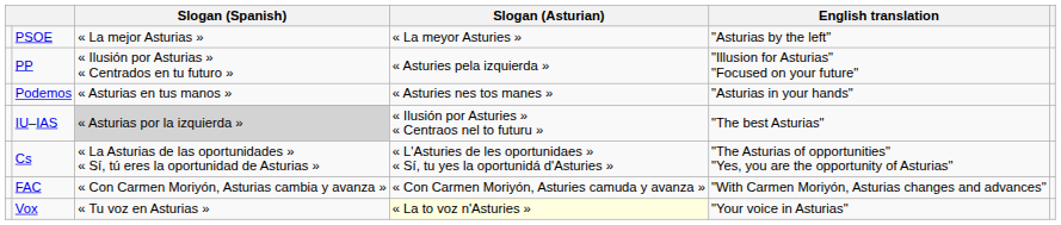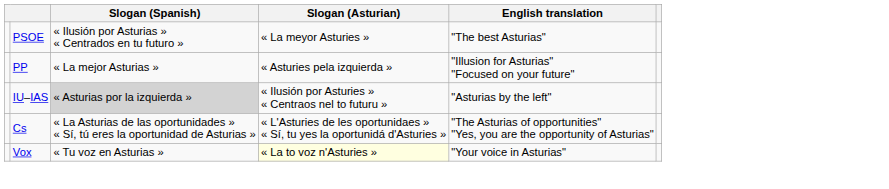 <table class="wikitable" style="text-align:left;">
 <tr>
 <th style="text-align:left;" colspan="2"></th>
 <th>Slogan (Spanish)</th>
 <th>Slogan (Asturian)</th>
 <th>English translation</th>
 <th></th>
 </tr>
 <tr>
 <td width="1" style="color:inherit;background:"></td>
 <td><a href='#'>PSOE</a></td>
-<td>« La mejor Asturias »</td>
+<td>« Ilusión por Asturias » <br> « Centrados en tu futuro »</td>
 <td>« La meyor Asturies »</td>
-<td>"Asturias by the left"</td>
+<td>"The best Asturias"</td>
 <td></td>
 </tr>
 <tr>
 <td style="color:inherit;background:"></td>
 <td><a href='#'>PP</a></td>
-<td>« Ilusión por Asturias » <br> « Centrados en tu futuro »</td>
+<td>« La mejor Asturias »</td>
 <td>« Asturies pela izquierda »</td>
 <td>"Illusion for Asturias" <br> "Focused on your future"</td>
-<td></td>
-</tr>
-<tr>
-<td style="color:inherit;background:"></td>
-<td><a href='#'>Podemos</a></td>
-<td>« Asturias en tus manos »</td>
-<td>« Asturies nes tos manes »</td>
-<td>"Asturias in your hands"</td>
 <td></td>
 </tr>
 <tr>
 <td style="color:inherit;background:"></td>
 <td><a href='#'>IU</a>–<a href='#'>IAS</a></td>
 <td style="background: lightgrey;">« Asturias por la izquierda »</td>
 <td>« Ilusión por Asturies » <br> « Centraos nel to futuru »</td>
-<td>"The best Asturias"</td>
+<td>"Asturias by the left"</td>
 <td></td>
 </tr>
 <tr>
 <td style="color:inherit;background:"></td>
 <td><a href='#'>Cs</a></td>
 <td>« La Asturias de las oportunidades » <br> « Sí, tú eres la oportunidad de Asturias »</td>
 <td>« L'Asturies de les oportunidaes » <br> « Sí, tu yes la oportunidá d'Asturies »</td>
 <td>"The Asturias of opportunities" <br> "Yes, you are the opportunity of Asturias"</td>
 <td></td>
 </tr>
 <tr>
 <td style="color:inherit;background:"></td>
-<td><a href='#'>FAC</a></td>
-<td>« Con Carmen Moriyón, Asturias cambia y avanza »</td>
-<td>« Con Carmen Moriyón, Asturies camuda y avanza »</td>
-<td>"With Carmen Moriyón, Asturias changes and advances"</td>
-<td></td>
-</tr>
-<tr>
-<td style="color:inherit;background:"></td>
 <td><a href='#'>Vox</a></td>
 <td>« Tu voz en Asturias »</td>
 <td style="background: lightyellow;">« La to voz n'Asturies »</td>
 <td>"Your voice in Asturias"</td>
 <td></td>
 </tr>
 </table>
